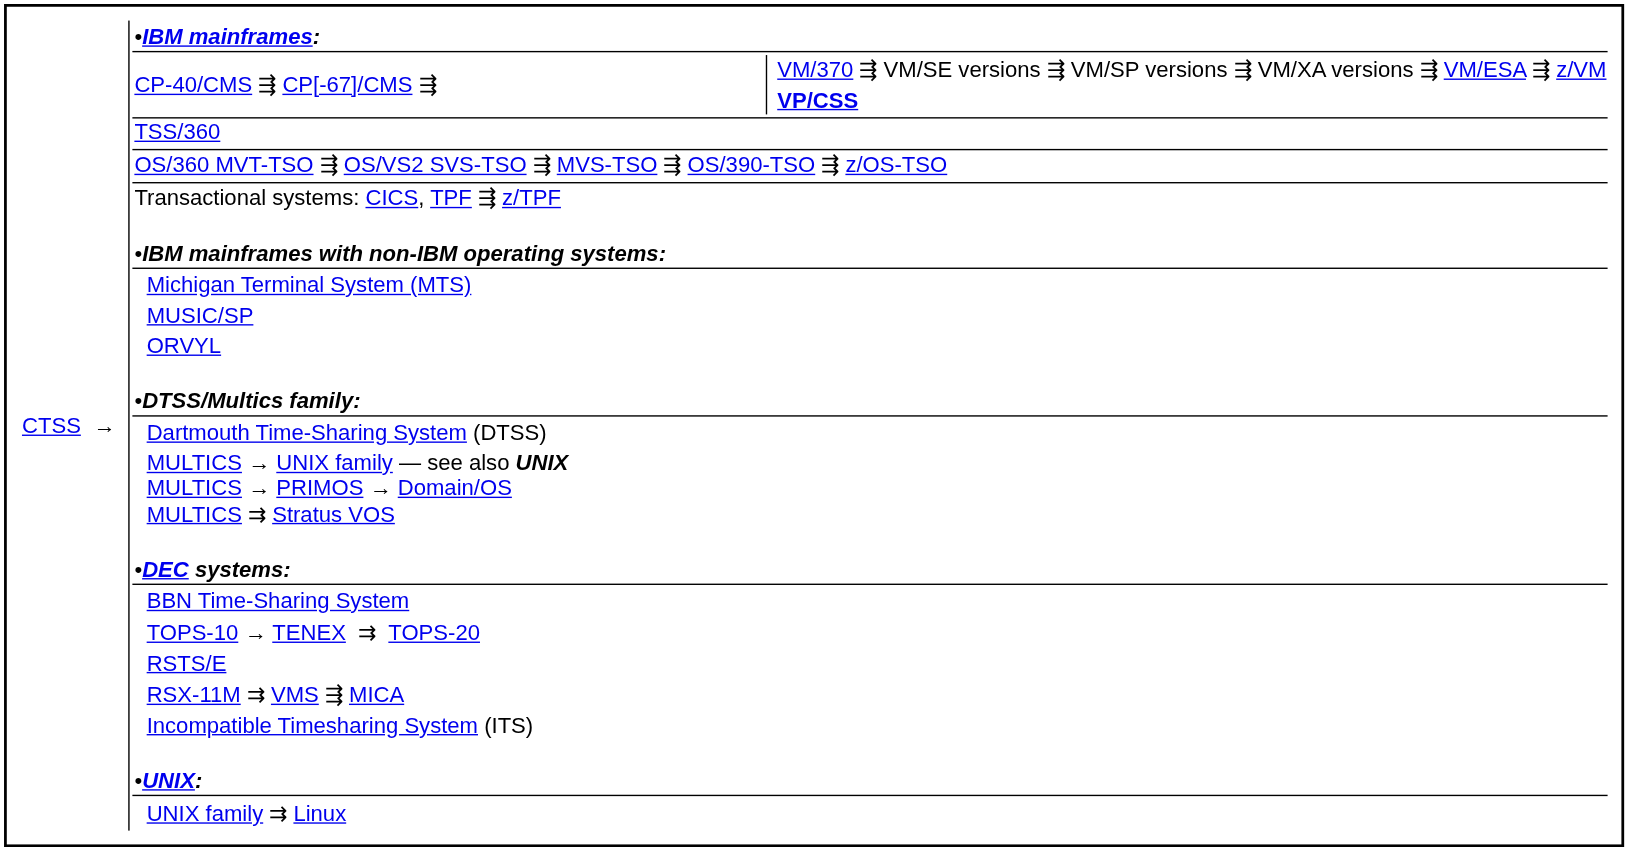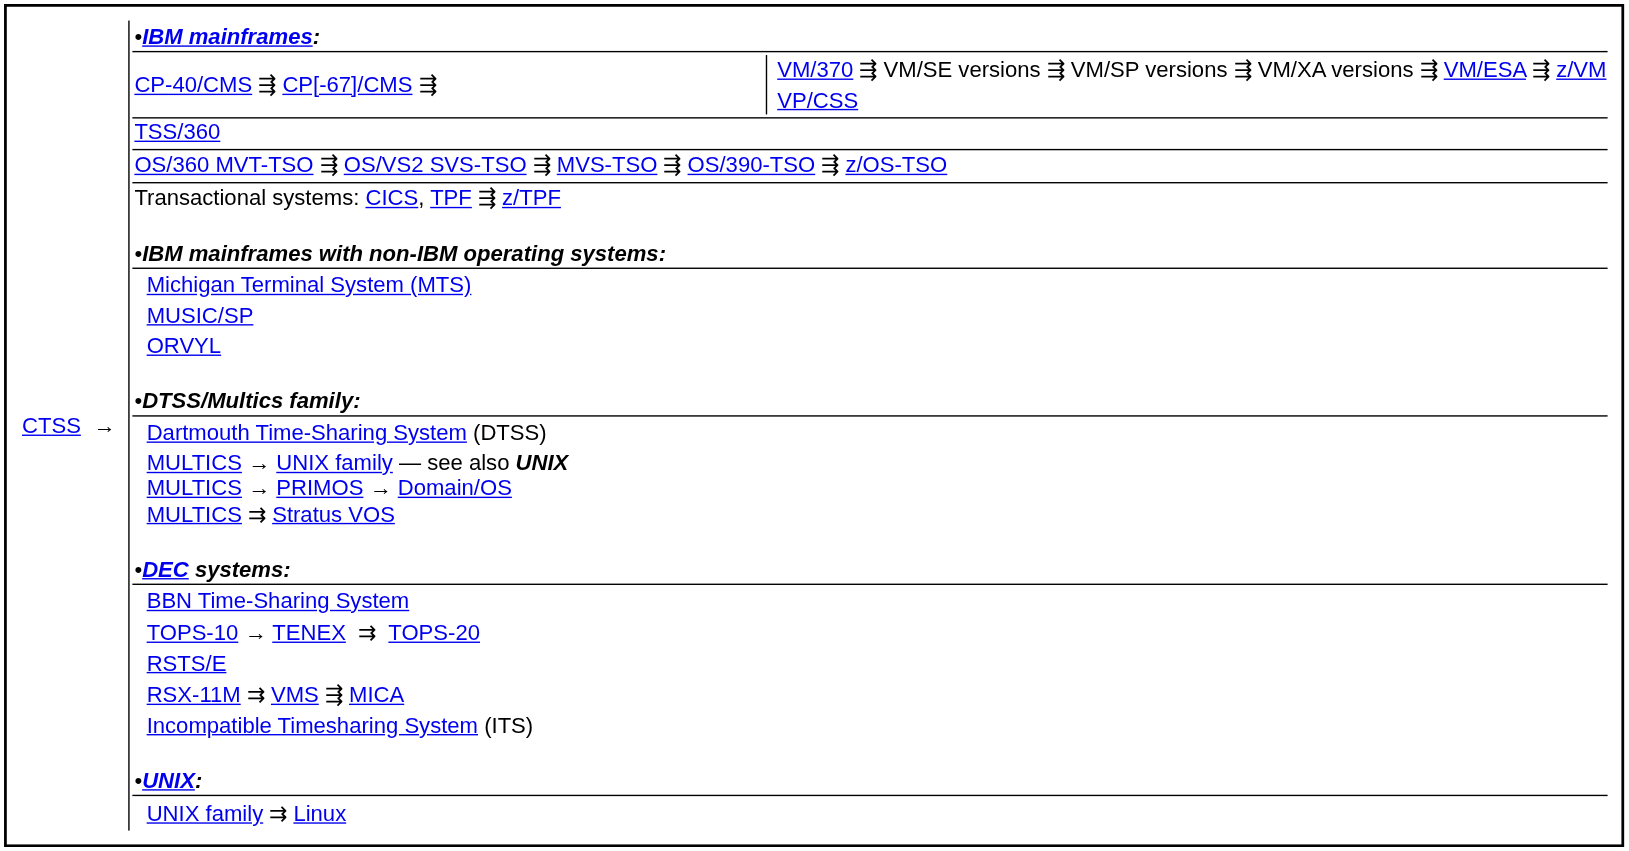 <table style="border:2px solid; text-align:left; vertical-align:middle; margin:6pt; padding:6pt">
 <tr>
 <td rowspan="99" style="border-right:1px solid"><a href='#'>CTSS</a>  →  </td>
 </tr>
 <tr>
 <td colspan="99" style="border-bottom:1px solid">•<strong><em><a href='#'>IBM mainframes</a>:</em></strong></td>
 </tr>
 <tr>
 <td rowspan="2" style="border-right:1px solid"><a href='#'>CP-40/CMS</a> ⇶ <a href='#'> CP[-67]/CMS</a> ⇶  </td>
 <td colspan="99"> <a href='#'>VM/370</a> ⇶ VM/SE versions ⇶ VM/SP versions   ⇶ VM/XA versions ⇶ <a href='#'>VM/ESA</a> ⇶ <a href='#'>z/VM</a></td>
 </tr>
 <tr>
-<td><strong> <a href='#'>VP/CSS</a></strong></td>
+<td> <a href='#'>VP/CSS</a></td>
 </tr>
 <tr>
 <td colspan="99" style="border-top:1px solid"><a href='#'>TSS/360</a></td>
 </tr>
 <tr>
 <td colspan="99" style="border-top:1px solid"><a href='#'>OS/360 MVT-TSO</a> ⇶ <a href='#'>OS/VS2 SVS-TSO</a> ⇶ <a href='#'>MVS-TSO</a> ⇶ <a href='#'>OS/390-TSO</a> ⇶ <a href='#'>z/OS-TSO</a></td>
 </tr>
 <tr>
 <td colspan="99" style="border-top:1px solid">Transactional systems: <a href='#'>CICS</a>, <a href='#'>TPF</a> ⇶ <a href='#'>z/TPF</a></td>
 </tr>
 <tr>
 <td colspan="99" style="border-bottom:1px solid"><br>•<strong><em>IBM mainframes with non-IBM operating systems:</em></strong></td>
 </tr>
 <tr>
 <td colspan="99">  <a href='#'>Michigan Terminal System (MTS)</a></td>
 </tr>
 <tr>
 <td colspan="99">  <a href='#'>MUSIC/SP</a></td>
 </tr>
 <tr>
 <td colspan="99">  <a href='#'>ORVYL</a></td>
 </tr>
 <tr>
 <td colspan="99" style="border-bottom:1px solid"><br>•<strong><em>DTSS/Multics family:</em></strong></td>
 </tr>
 <tr>
 <td colspan="99">  <a href='#'>Dartmouth Time-Sharing System</a> (DTSS)</td>
 </tr>
 <tr>
 <td colspan="99">  <a href='#'>MULTICS</a> → <a href='#'>UNIX family</a> — see also <strong><em>UNIX</em></strong><br>  <a href='#'>MULTICS</a> → <a href='#'>PRIMOS</a> → <a href='#'>Domain/OS</a><br>  <a href='#'>MULTICS</a> ⇉ <a href='#'>Stratus VOS</a></td>
 </tr>
 <tr>
 <td colspan="99" style="border-bottom:1px solid"><br>•<strong><em><a href='#'>DEC</a> systems:</em></strong></td>
 </tr>
 <tr>
 <td colspan="99">  <a href='#'>BBN Time-Sharing System</a></td>
 </tr>
 <tr>
 <td colspan="99">  <a href='#'>TOPS-10</a> → <a href='#'>TENEX</a>  ⇉  <a href='#'>TOPS-20</a></td>
 </tr>
 <tr>
 <td colspan="99">  <a href='#'>RSTS/E</a></td>
 </tr>
 <tr>
 <td colspan="99">  <a href='#'>RSX-11M</a> ⇉ <a href='#'>VMS</a> ⇶ <a href='#'>MICA</a></td>
 </tr>
 <tr>
 <td colspan="99">  <a href='#'>Incompatible Timesharing System</a> (ITS)</td>
 </tr>
 <tr>
 <td colspan="99" style="border-bottom:1px solid"><br>•<strong><em><a href='#'>UNIX</a>:</em></strong></td>
 </tr>
 <tr>
 <td colspan="99">  <a href='#'>UNIX family</a> ⇉ <a href='#'>Linux</a></td>
 </tr>
 <tr>
 </tr>
 </table>
